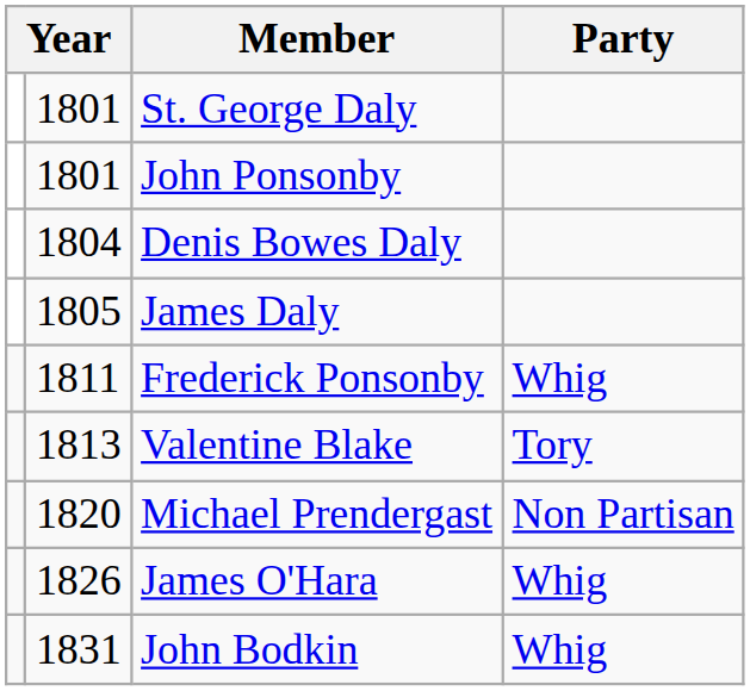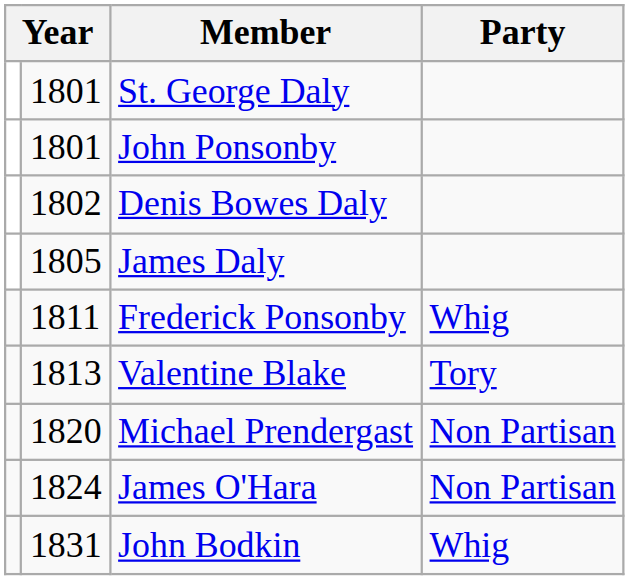 <table class="wikitable">
 <tr>
 <th colspan="2">Year</th>
 <th>Member</th>
 <th>Party</th>
 </tr>
 <tr>
 <td style="color:inherit;background-color: white"></td>
 <td>1801</td>
 <td><a href='#'>St. George Daly</a></td>
 <td></td>
 </tr>
 <tr>
 <td style="color:inherit;background-color: white"></td>
 <td>1801</td>
 <td><a href='#'>John Ponsonby</a></td>
 <td></td>
 </tr>
 <tr>
 <td style="color:inherit;background-color: white"></td>
-<td>1804</td>
+<td>1802</td>
 <td><a href='#'>Denis Bowes Daly</a></td>
 <td></td>
 </tr>
 <tr>
 <td style="color:inherit;background-color: white"></td>
 <td>1805</td>
 <td><a href='#'>James Daly</a></td>
 <td></td>
 </tr>
 <tr>
 <td style="color:inherit;background-color: "></td>
 <td>1811</td>
 <td><a href='#'>Frederick Ponsonby</a></td>
 <td><a href='#'>Whig</a></td>
 </tr>
 <tr>
 <td style="color:inherit;background-color: "></td>
 <td>1813</td>
 <td><a href='#'>Valentine Blake</a></td>
 <td><a href='#'>Tory</a></td>
 </tr>
 <tr>
 <td style="color:inherit;background-color: "></td>
 <td>1820</td>
 <td><a href='#'>Michael Prendergast</a></td>
 <td><a href='#'>Non Partisan</a></td>
 </tr>
 <tr>
 <td style="color:inherit;background-color: "></td>
-<td>1826</td>
+<td>1824</td>
 <td><a href='#'>James O'Hara</a></td>
-<td><a href='#'>Whig</a></td>
+<td><a href='#'>Non Partisan</a></td>
 </tr>
 <tr>
 <td style="color:inherit;background-color: "></td>
 <td>1831</td>
 <td><a href='#'>John Bodkin</a></td>
 <td><a href='#'>Whig</a></td>
 </tr>
 </table>
